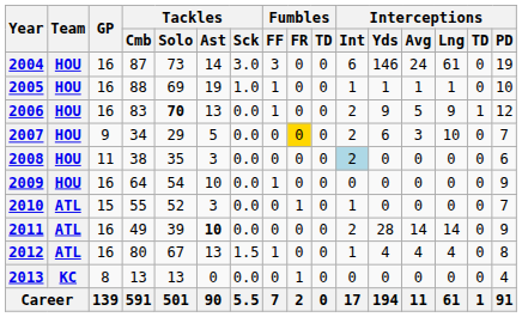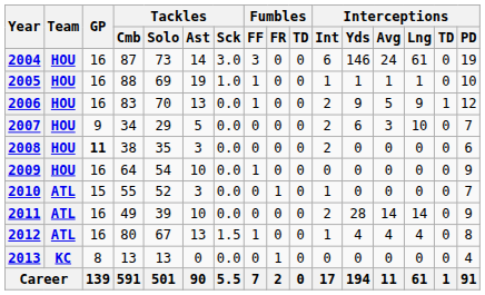 <table class="wikitable" style="text-align:center;">
 <tr>
 <th rowspan="2">Year</th>
 <th rowspan="2">Team</th>
 <th rowspan="2">GP</th>
 <th colspan="4">Tackles</th>
 <th colspan="3">Fumbles</th>
 <th colspan="6">Interceptions</th>
 </tr>
 <tr>
 <th>Cmb</th>
 <th>Solo</th>
 <th>Ast</th>
 <th>Sck</th>
 <th>FF</th>
 <th>FR</th>
 <th>TD</th>
 <th>Int</th>
 <th>Yds</th>
 <th>Avg</th>
 <th>Lng</th>
 <th>TD</th>
 <th>PD</th>
 </tr>
 <tr>
 <th><a href='#'>2004</a></th>
 <th><a href='#'>HOU</a></th>
 <td>16</td>
 <td>87</td>
 <td>73</td>
 <td>14</td>
 <td>3.0</td>
 <td>3</td>
 <td>0</td>
 <td>0</td>
 <td>6</td>
 <td>146</td>
 <td>24</td>
 <td>61</td>
 <td>0</td>
 <td>19</td>
 </tr>
 <tr>
 <th><a href='#'>2005</a></th>
 <th><a href='#'>HOU</a></th>
 <td>16</td>
 <td>88</td>
 <td>69</td>
 <td>19</td>
 <td>1.0</td>
 <td>1</td>
 <td>0</td>
 <td>0</td>
 <td>1</td>
 <td>1</td>
 <td>1</td>
 <td>1</td>
 <td>0</td>
 <td>10</td>
 </tr>
 <tr>
 <th><a href='#'>2006</a></th>
 <th><a href='#'>HOU</a></th>
 <td>16</td>
 <td>83</td>
-<td><strong>70</strong></td>
+<td>70</td>
 <td>13</td>
 <td>0.0</td>
 <td>1</td>
 <td>0</td>
 <td>0</td>
 <td>2</td>
 <td>9</td>
 <td>5</td>
 <td>9</td>
 <td>1</td>
 <td>12</td>
 </tr>
 <tr>
 <th><a href='#'>2007</a></th>
 <th><a href='#'>HOU</a></th>
 <td>9</td>
 <td>34</td>
 <td>29</td>
 <td>5</td>
 <td>0.0</td>
 <td>0</td>
-<td style="background: gold;">0</td>
+<td>0</td>
 <td>0</td>
 <td>2</td>
 <td>6</td>
 <td>3</td>
 <td>10</td>
 <td>0</td>
 <td>7</td>
 </tr>
 <tr>
 <th><a href='#'>2008</a></th>
 <th><a href='#'>HOU</a></th>
-<td>11</td>
+<td><strong>11</strong></td>
 <td>38</td>
 <td>35</td>
 <td>3</td>
 <td>0.0</td>
 <td>0</td>
 <td>0</td>
 <td>0</td>
-<td style="background: lightblue;">2</td>
+<td>2</td>
 <td>0</td>
 <td>0</td>
 <td>0</td>
 <td>0</td>
 <td>6</td>
 </tr>
 <tr>
 <th><a href='#'>2009</a></th>
 <th><a href='#'>HOU</a></th>
 <td>16</td>
 <td>64</td>
 <td>54</td>
 <td>10</td>
 <td>0.0</td>
 <td>1</td>
 <td>0</td>
 <td>0</td>
 <td>0</td>
 <td>0</td>
 <td>0</td>
 <td>0</td>
 <td>0</td>
 <td>9</td>
 </tr>
 <tr>
 <th><a href='#'>2010</a></th>
 <th><a href='#'>ATL</a></th>
 <td>15</td>
 <td>55</td>
 <td>52</td>
 <td>3</td>
 <td>0.0</td>
 <td>0</td>
 <td>1</td>
 <td>0</td>
 <td>1</td>
 <td>0</td>
 <td>0</td>
 <td>0</td>
 <td>0</td>
 <td>7</td>
 </tr>
 <tr>
 <th><a href='#'>2011</a></th>
 <th><a href='#'>ATL</a></th>
 <td>16</td>
 <td>49</td>
 <td>39</td>
-<td><strong>10</strong></td>
+<td>10</td>
 <td>0.0</td>
 <td>0</td>
 <td>0</td>
 <td>0</td>
 <td>2</td>
 <td>28</td>
 <td>14</td>
 <td>14</td>
 <td>0</td>
 <td>9</td>
 </tr>
 <tr>
 <th><a href='#'>2012</a></th>
 <th><a href='#'>ATL</a></th>
 <td>16</td>
 <td>80</td>
 <td>67</td>
 <td>13</td>
 <td>1.5</td>
 <td>1</td>
 <td>0</td>
 <td>0</td>
 <td>1</td>
 <td>4</td>
 <td>4</td>
 <td>4</td>
 <td>0</td>
 <td>8</td>
 </tr>
 <tr>
 <th><a href='#'>2013</a></th>
 <th><a href='#'>KC</a></th>
 <td>8</td>
 <td>13</td>
 <td>13</td>
 <td>0</td>
 <td>0.0</td>
 <td>0</td>
 <td>1</td>
 <td>0</td>
 <td>0</td>
 <td>0</td>
 <td>0</td>
 <td>0</td>
 <td>0</td>
 <td>4</td>
 </tr>
 <tr>
 <th colspan ="2">Career</th>
 <th>139</th>
 <th>591</th>
 <th>501</th>
 <th>90</th>
 <th>5.5</th>
 <th>7</th>
 <th>2</th>
 <th>0</th>
 <th>17</th>
 <th>194</th>
 <th>11</th>
 <th>61</th>
 <th>1</th>
 <th>91</th>
 </tr>
 </table>
